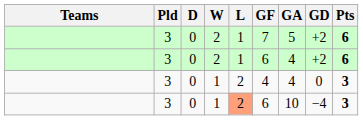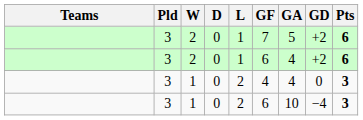 <table class="wikitable" style="text-align: center;">
 <tr>
 <th width=165>Teams</th>
 <th width=20>Pld</th>
+<th width=20>W</th>
 <th width=20>D</th>
-<th width=20>W</th>
 <th width=20>L</th>
 <th width=20>GF</th>
 <th width=20>GA</th>
 <th width=20>GD</th>
 <th width=20>Pts</th>
 </tr>
 <tr align=center style="background:#ccffcc;">
 <td style="text-align:left;"></td>
 <td>3</td>
+<td>2</td>
 <td>0</td>
-<td>2</td>
 <td>1</td>
 <td>7</td>
 <td>5</td>
 <td>+2</td>
 <td><strong>6</strong></td>
 </tr>
 <tr align=center style="background:#ccffcc;">
 <td style="text-align:left;"></td>
 <td>3</td>
+<td>2</td>
 <td>0</td>
-<td>2</td>
 <td>1</td>
 <td>6</td>
 <td>4</td>
 <td>+2</td>
 <td><strong>6</strong></td>
 </tr>
 <tr align=center>
 <td style="text-align:left;"></td>
 <td>3</td>
+<td>1</td>
 <td>0</td>
-<td>1</td>
 <td>2</td>
 <td>4</td>
 <td>4</td>
 <td>0</td>
 <td><strong>3</strong></td>
 </tr>
 <tr align=center>
 <td style="text-align:left;"></td>
 <td>3</td>
+<td>1</td>
 <td>0</td>
-<td>1</td>
-<td style="background: lightsalmon;">2</td>
+<td>2</td>
 <td>6</td>
 <td>10</td>
 <td>−4</td>
 <td><strong>3</strong></td>
 </tr>
 </table>
